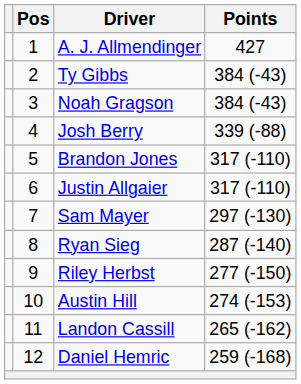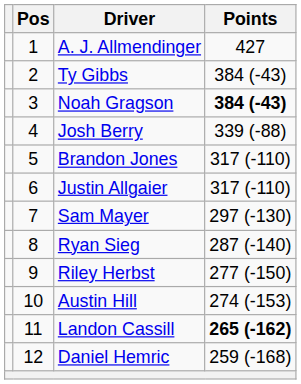 <table class="wikitable" style="font-size: 95%;">
 <tr>
 <th></th>
 <th>Pos</th>
 <th>Driver</th>
 <th>Points</th>
 </tr>
 <tr>
 <td align="left"></td>
 <td style="text-align:center;">1</td>
 <td><a href='#'>A. J. Allmendinger</a></td>
 <td style="text-align:center;">427</td>
 </tr>
 <tr>
 <td align="left"></td>
 <td style="text-align:center;">2</td>
 <td><a href='#'>Ty Gibbs</a></td>
 <td style="text-align:center;">384 (-43)</td>
 </tr>
 <tr>
 <td align="left"></td>
 <td style="text-align:center;">3</td>
 <td><a href='#'>Noah Gragson</a></td>
-<td style="text-align:center;">384 (-43)</td>
+<td style="text-align:center;"><strong>384 (-43)</strong></td>
 </tr>
 <tr>
 <td align="left"></td>
 <td style="text-align:center;">4</td>
 <td><a href='#'>Josh Berry</a></td>
 <td style="text-align:center;">339 (-88)</td>
 </tr>
 <tr>
 <td align="left"></td>
 <td style="text-align:center;">5</td>
 <td><a href='#'>Brandon Jones</a></td>
 <td style="text-align:center;">317 (-110)</td>
 </tr>
 <tr>
 <td align="left"></td>
 <td style="text-align:center;">6</td>
 <td><a href='#'>Justin Allgaier</a></td>
 <td style="text-align:center;">317 (-110)</td>
 </tr>
 <tr>
 <td align="left"></td>
 <td style="text-align:center;">7</td>
 <td><a href='#'>Sam Mayer</a></td>
 <td style="text-align:center;">297 (-130)</td>
 </tr>
 <tr>
 <td align="left"></td>
 <td style="text-align:center;">8</td>
 <td><a href='#'>Ryan Sieg</a></td>
 <td style="text-align:center;">287 (-140)</td>
 </tr>
 <tr>
 <td align="left"></td>
 <td style="text-align:center;">9</td>
 <td><a href='#'>Riley Herbst</a></td>
 <td style="text-align:center;">277 (-150)</td>
 </tr>
 <tr>
 <td align="left"></td>
 <td style="text-align:center;">10</td>
 <td><a href='#'>Austin Hill</a></td>
 <td style="text-align:center;">274 (-153)</td>
 </tr>
 <tr>
 <td align="left"></td>
 <td style="text-align:center;">11</td>
 <td><a href='#'>Landon Cassill</a></td>
-<td style="text-align:center;">265 (-162)</td>
+<td style="text-align:center;"><strong>265 (-162)</strong></td>
 </tr>
 <tr>
 <td align="left"></td>
 <td style="text-align:center;">12</td>
 <td><a href='#'>Daniel Hemric</a></td>
 <td style="text-align:center;">259 (-168)</td>
 </tr>
 <tr class="sortbottom">
 <th colspan="9"></th>
 </tr>
 </table>
